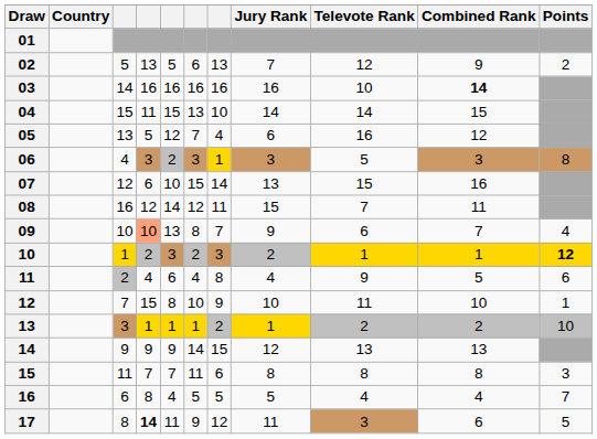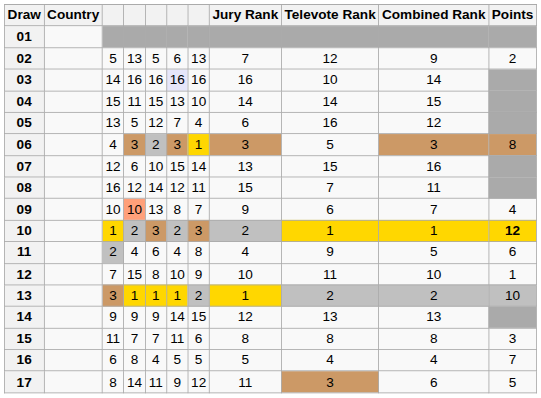 <table class="sortable wikitable collapsible plainrowheaders" style="text-align:center;">
 <tr>
 </tr>
 <tr>
 <th scope="col">Draw</th>
 <th scope="col">Country</th>
 <th scope="col"><small></small></th>
 <th scope="col"><small></small></th>
 <th scope="col"><small></small></th>
 <th scope="col"><small></small></th>
 <th scope="col"><small></small></th>
 <th scope="col">Jury Rank</th>
 <th scope="col">Televote Rank</th>
 <th scope="col">Combined Rank</th>
 <th scope="col">Points</th>
 </tr>
 <tr class="sortbottom">
 <th scope="row" style="text-align:center;">01</th>
 <td style="text-align:left;"></td>
 <td style="background:#AAAAAA;"></td>
 <td style="background:#AAAAAA;"></td>
 <td style="background:#AAAAAA;"></td>
 <td style="background:#AAAAAA;"></td>
 <td style="background:#AAAAAA;"></td>
 <td style="background:#AAAAAA;"></td>
 <td style="background:#AAAAAA;"></td>
 <td style="background:#AAAAAA;"></td>
 <td style="background:#AAAAAA;"></td>
 </tr>
 <tr>
 <th scope="row" style="text-align:center;">02</th>
 <td style="text-align:left;"></td>
 <td>5</td>
 <td>13</td>
 <td>5</td>
 <td>6</td>
 <td>13</td>
 <td>7</td>
 <td>12</td>
 <td>9</td>
 <td>2</td>
 </tr>
 <tr>
 <th scope="row" style="text-align:center;">03</th>
 <td style="text-align:left;"></td>
 <td>14</td>
 <td>16</td>
 <td>16</td>
-<td>16</td>
+<td style="background: lavender;">16</td>
 <td>16</td>
 <td>16</td>
 <td>10</td>
-<td><strong>14</strong></td>
+<td>14</td>
 <td style="background:#AAAAAA;"></td>
 </tr>
 <tr>
 <th scope="row" style="text-align:center;">04</th>
 <td style="text-align:left;"></td>
 <td>15</td>
 <td>11</td>
 <td>15</td>
 <td>13</td>
 <td>10</td>
 <td>14</td>
 <td>14</td>
 <td>15</td>
 <td style="background:#AAAAAA;"></td>
 </tr>
 <tr>
 <th scope="row" style="text-align:center;">05</th>
 <td style="text-align:left;"></td>
 <td>13</td>
 <td>5</td>
 <td>12</td>
 <td>7</td>
 <td>4</td>
 <td>6</td>
 <td>16</td>
 <td>12</td>
 <td style="background:#AAAAAA;"></td>
 </tr>
 <tr>
 <th scope="row" style="text-align:center;">06</th>
 <td style="text-align:left;"></td>
 <td>4</td>
 <td style="background:#CC9966;">3</td>
 <td style="background:silver;">2</td>
 <td style="background:#CC9966;">3</td>
 <td style="background:gold;">1</td>
 <td style="background:#CC9966;">3</td>
 <td>5</td>
 <td style="background:#CC9966;">3</td>
 <td style="background:#CC9966;">8</td>
 </tr>
 <tr>
 <th scope="row" style="text-align:center;">07</th>
 <td style="text-align:left;"></td>
 <td>12</td>
 <td>6</td>
 <td>10</td>
 <td>15</td>
 <td>14</td>
 <td>13</td>
 <td>15</td>
 <td>16</td>
 <td style="background:#AAAAAA;"></td>
 </tr>
 <tr>
 <th scope="row" style="text-align:center;">08</th>
 <td style="text-align:left;"></td>
 <td>16</td>
 <td>12</td>
 <td>14</td>
 <td>12</td>
 <td>11</td>
 <td>15</td>
 <td>7</td>
 <td>11</td>
 <td style="background:#AAAAAA;"></td>
 </tr>
 <tr>
 <th scope="row" style="text-align:center;">09</th>
 <td style="text-align:left;"></td>
 <td>10</td>
 <td style="background: lightsalmon;">10</td>
 <td>13</td>
 <td>8</td>
 <td>7</td>
 <td>9</td>
 <td>6</td>
 <td>7</td>
 <td>4</td>
 </tr>
 <tr>
 <th scope="row" style="text-align:center;">10</th>
 <td style="text-align:left;"></td>
 <td style="background:gold;">1</td>
 <td style="background:silver;">2</td>
 <td style="background:#CC9966;">3</td>
 <td style="background:silver;">2</td>
 <td style="background:#CC9966;">3</td>
 <td style="background:silver;">2</td>
 <td style="background:gold;">1</td>
 <td style="background:gold;">1</td>
 <td style="background:gold;"><strong>12</strong></td>
 </tr>
 <tr>
 <th scope="row" style="text-align:center;">11</th>
 <td style="text-align:left;"></td>
 <td style="background:silver;">2</td>
 <td>4</td>
 <td>6</td>
 <td>4</td>
 <td>8</td>
 <td>4</td>
 <td>9</td>
 <td>5</td>
 <td>6</td>
 </tr>
 <tr>
 <th scope="row" style="text-align:center;">12</th>
 <td style="text-align:left;"></td>
 <td>7</td>
 <td>15</td>
 <td>8</td>
 <td>10</td>
 <td>9</td>
 <td>10</td>
 <td>11</td>
 <td>10</td>
 <td>1</td>
 </tr>
 <tr>
 <th scope="row" style="text-align:center;">13</th>
 <td style="text-align:left;"></td>
 <td style="background:#CC9966;">3</td>
 <td style="background:gold;">1</td>
 <td style="background:gold;">1</td>
 <td style="background:gold;">1</td>
 <td style="background:silver;">2</td>
 <td style="background:gold;">1</td>
 <td style="background:silver;">2</td>
 <td style="background:silver;">2</td>
 <td style="background:silver;">10</td>
 </tr>
 <tr>
 <th scope="row" style="text-align:center;">14</th>
 <td style="text-align:left;"></td>
 <td>9</td>
 <td>9</td>
 <td>9</td>
 <td>14</td>
 <td>15</td>
 <td>12</td>
 <td>13</td>
 <td>13</td>
 <td style="background:#AAAAAA;"></td>
 </tr>
 <tr>
 <th scope="row" style="text-align:center;">15</th>
 <td style="text-align:left;"></td>
 <td>11</td>
 <td>7</td>
 <td>7</td>
 <td>11</td>
 <td>6</td>
 <td>8</td>
 <td>8</td>
 <td>8</td>
 <td>3</td>
 </tr>
 <tr>
 <th scope="row" style="text-align:center;">16</th>
 <td style="text-align:left;"></td>
 <td>6</td>
 <td>8</td>
 <td>4</td>
 <td>5</td>
 <td>5</td>
 <td>5</td>
 <td>4</td>
 <td>4</td>
 <td>7</td>
 </tr>
 <tr>
 <th scope="row" style="text-align:center;">17</th>
 <td style="text-align:left;"></td>
 <td>8</td>
-<td><strong>14</strong></td>
+<td>14</td>
 <td>11</td>
 <td>9</td>
 <td>12</td>
 <td>11</td>
 <td style="background:#CC9966;">3</td>
 <td>6</td>
 <td>5</td>
 </tr>
 </table>
